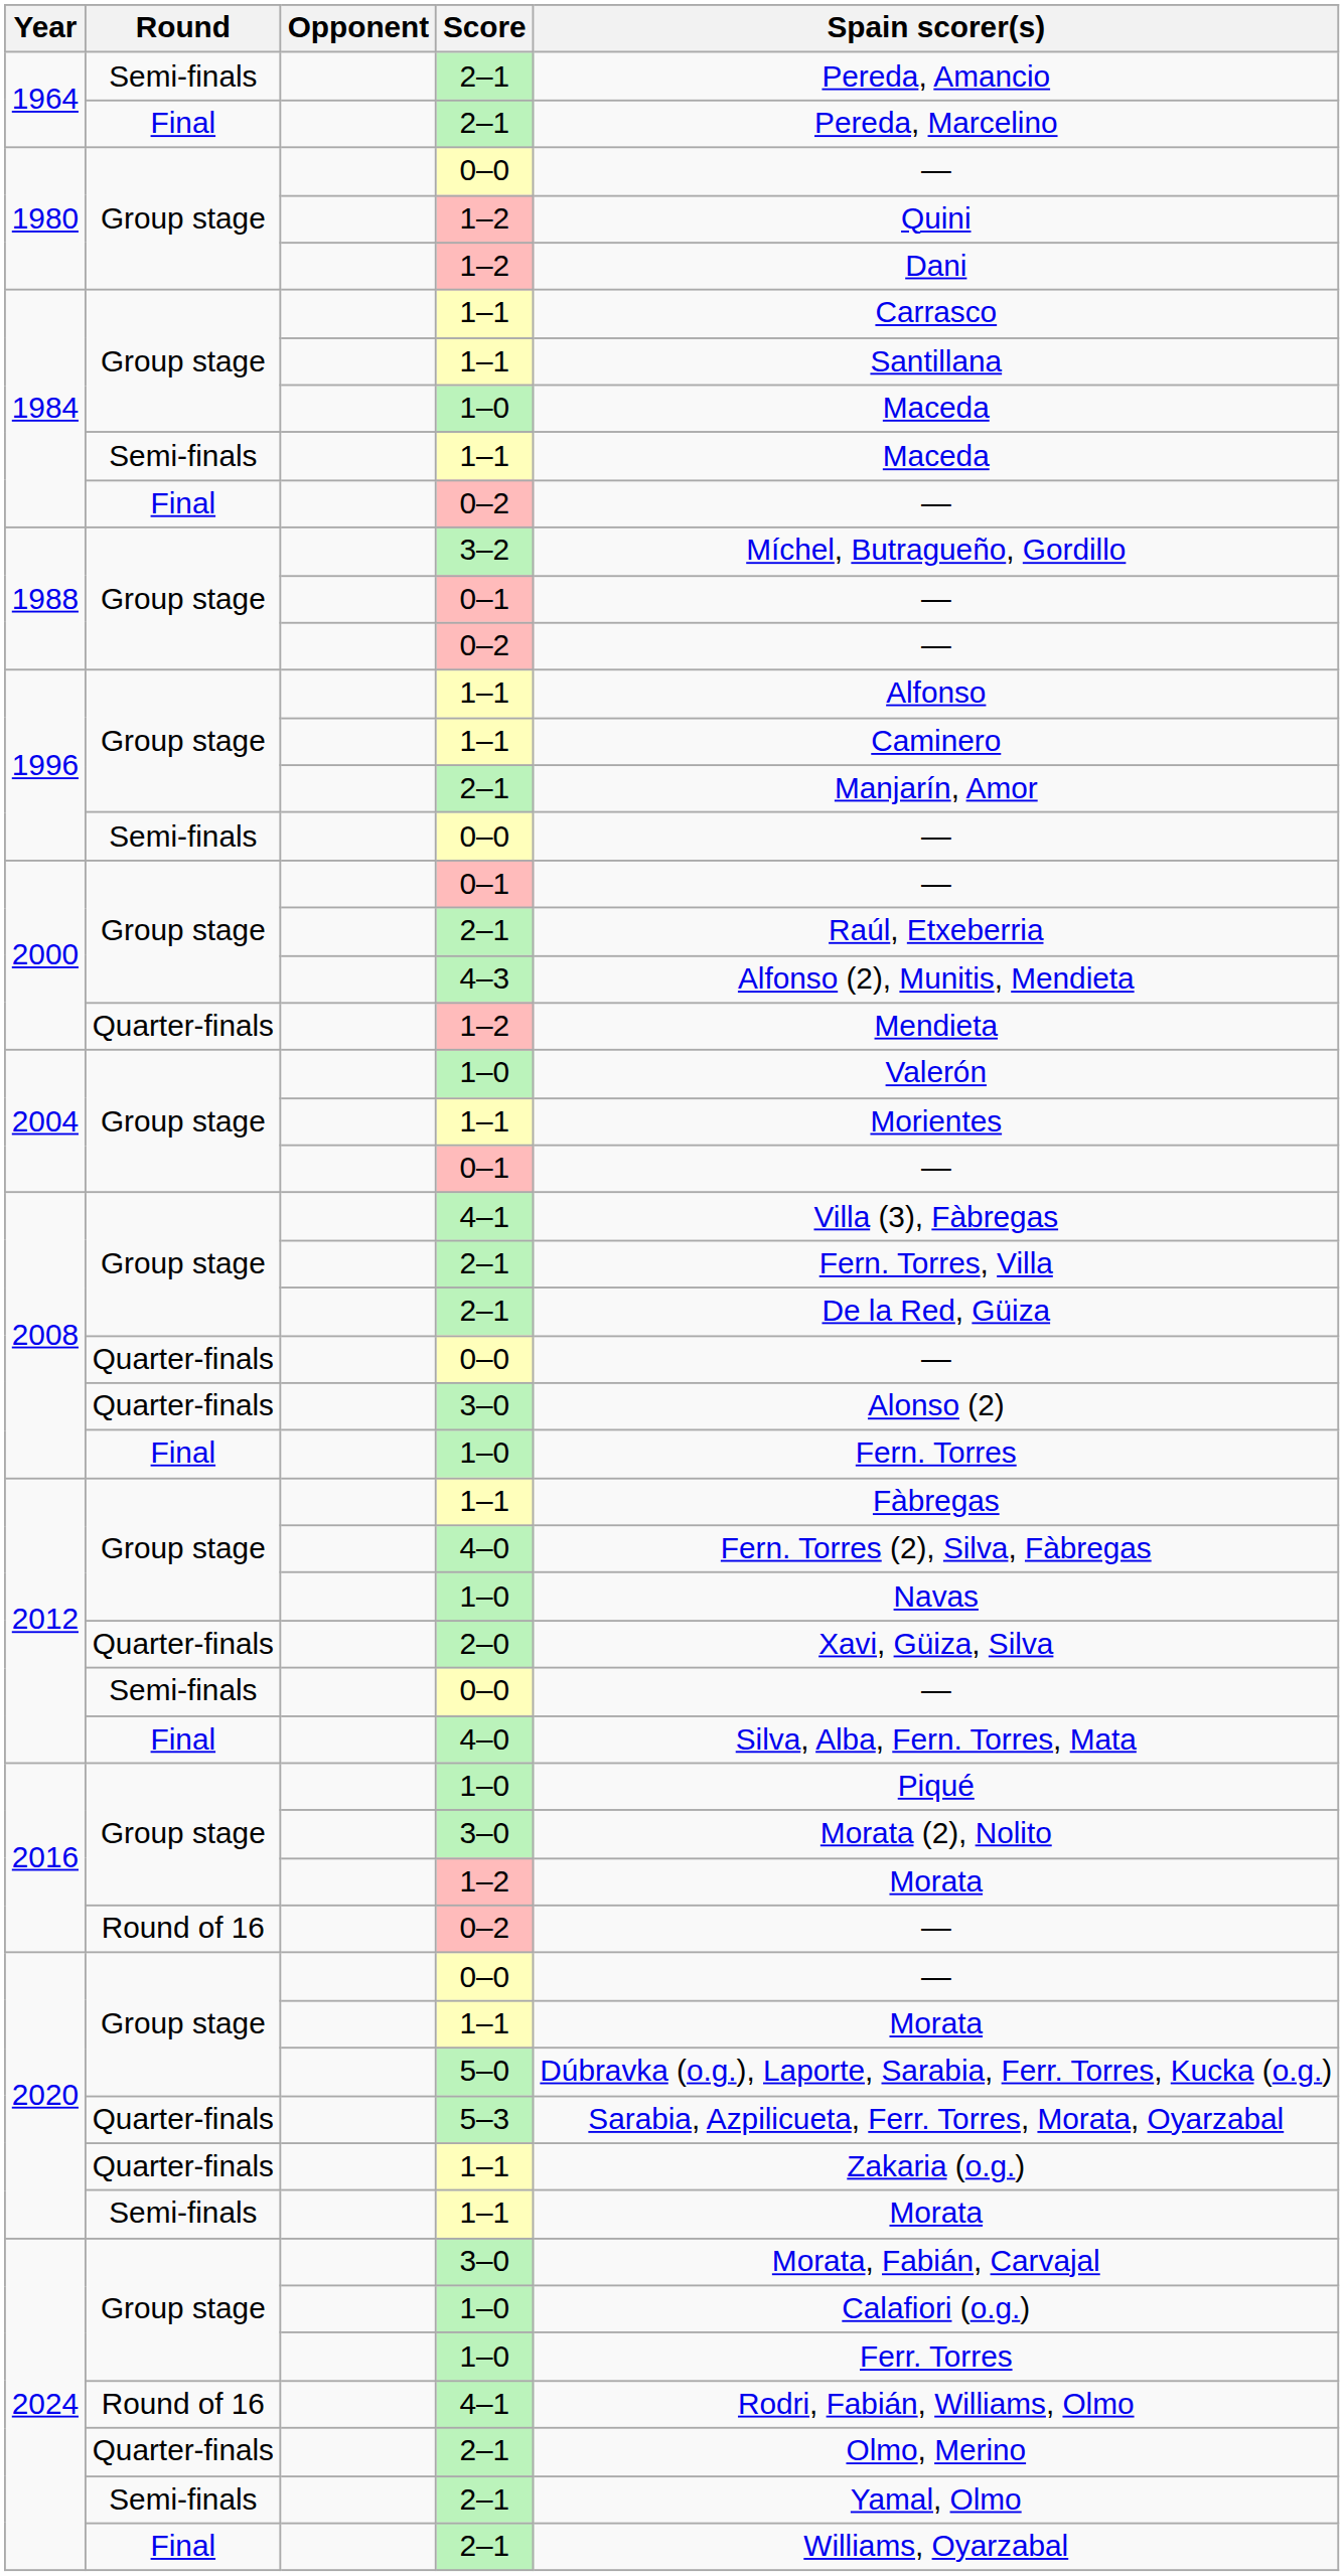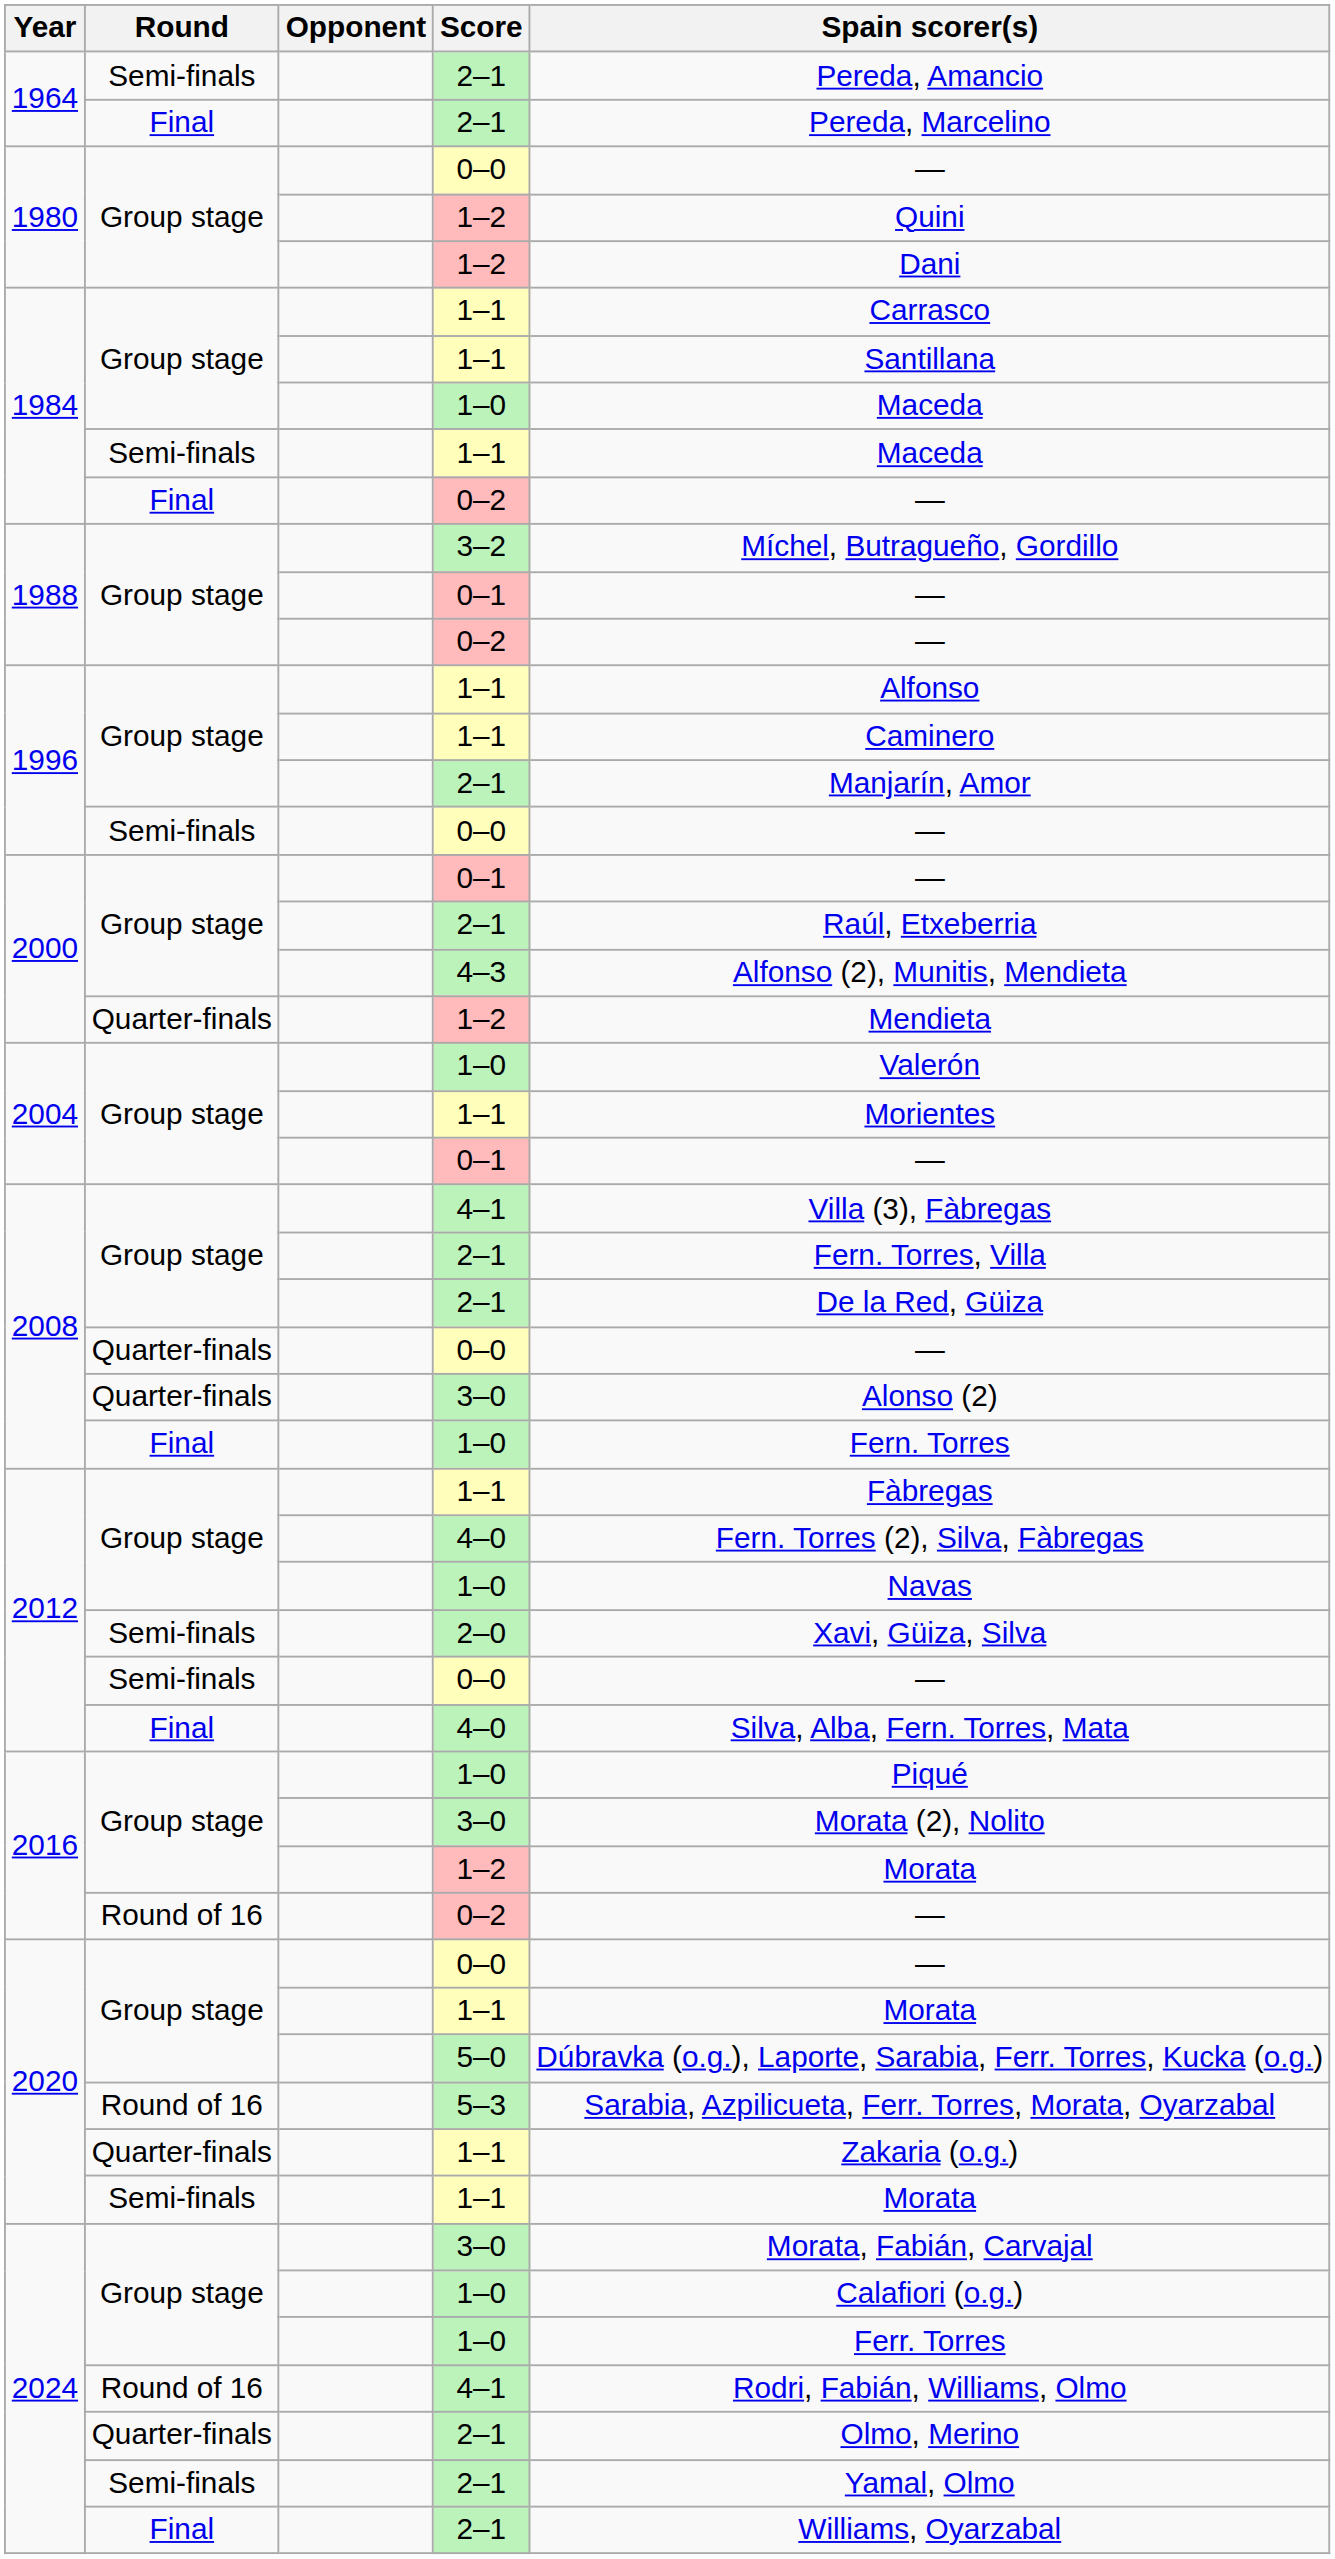 <table class="wikitable sortable collapsible collapsed" style="text-align: center; font–size: 90%;">
 <tr>
 <th>Year</th>
 <th>Round</th>
 <th>Opponent</th>
 <th>Score</th>
 <th>Spain scorer(s)</th>
 </tr>
 <tr>
 <td rowspan="2"><a href='#'>1964</a></td>
 <td>Semi-finals</td>
 <td></td>
 <td style="background: #BBF3BB;">2–1 </td>
 <td><a href='#'>Pereda</a>, <a href='#'>Amancio</a></td>
 </tr>
 <tr>
 <td><a href='#'>Final</a></td>
 <td></td>
 <td style="background: #BBF3BB;">2–1</td>
 <td><a href='#'>Pereda</a>, <a href='#'>Marcelino</a></td>
 </tr>
 <tr>
 <td rowspan="3"><a href='#'>1980</a></td>
 <td rowspan="3">Group stage</td>
 <td></td>
 <td style="background: #FFFFBB;">0–0</td>
 <td>—</td>
 </tr>
 <tr>
 <td></td>
 <td align="center" style="background: #FFBBBB;">1–2</td>
 <td><a href='#'>Quini</a></td>
 </tr>
 <tr>
 <td></td>
 <td align="center" style="background: #FFBBBB;">1–2</td>
 <td><a href='#'>Dani</a></td>
 </tr>
 <tr>
 <td rowspan="5"><a href='#'>1984</a></td>
 <td rowspan="3">Group stage</td>
 <td></td>
 <td style="background: #FFFFBB;">1–1</td>
 <td><a href='#'>Carrasco</a></td>
 </tr>
 <tr>
 <td></td>
 <td style="background: #FFFFBB;">1–1</td>
 <td><a href='#'>Santillana</a></td>
 </tr>
 <tr>
 <td></td>
 <td align="center" style="background: #BBF3BB;">1–0</td>
 <td><a href='#'>Maceda</a></td>
 </tr>
 <tr>
 <td>Semi-finals</td>
 <td></td>
 <td align="center" style="background: #FFFFBB;">1–1  </td>
 <td><a href='#'>Maceda</a></td>
 </tr>
 <tr>
 <td><a href='#'>Final</a></td>
 <td></td>
 <td style="background: #FFBBBB;">0–2</td>
 <td>—</td>
 </tr>
 <tr>
 <td rowspan="3"><a href='#'>1988</a></td>
 <td rowspan="3">Group stage</td>
 <td></td>
 <td align="center" style="background: #BBF3BB;">3–2</td>
 <td><a href='#'>Míchel</a>, <a href='#'>Butragueño</a>, <a href='#'>Gordillo</a></td>
 </tr>
 <tr>
 <td></td>
 <td style="background: #FFBBBB;">0–1</td>
 <td>—</td>
 </tr>
 <tr>
 <td></td>
 <td style="background: #FFBBBB;">0–2</td>
 <td>—</td>
 </tr>
 <tr>
 <td rowspan="4"><a href='#'>1996</a></td>
 <td rowspan="3">Group stage</td>
 <td></td>
 <td align="center" style="background: #FFFFBB;">1–1</td>
 <td><a href='#'>Alfonso</a></td>
 </tr>
 <tr>
 <td></td>
 <td style="background: #FFFFBB;">1–1</td>
 <td><a href='#'>Caminero</a></td>
 </tr>
 <tr>
 <td></td>
 <td style="background: #BBF3BB;">2–1</td>
 <td><a href='#'>Manjarín</a>, <a href='#'>Amor</a></td>
 </tr>
 <tr>
 <td>Semi-finals</td>
 <td></td>
 <td style="background: #FFFFBB;">0–0  </td>
 <td>—</td>
 </tr>
 <tr>
 <td rowspan="4"><a href='#'>2000</a></td>
 <td rowspan="3">Group stage</td>
 <td></td>
 <td align="center" style="background: #FFBBBB;">0–1</td>
 <td>—</td>
 </tr>
 <tr>
 <td></td>
 <td style="background: #BBF3BB;">2–1</td>
 <td><a href='#'>Raúl</a>, <a href='#'>Etxeberria</a></td>
 </tr>
 <tr>
 <td></td>
 <td style="background: #BBF3BB;">4–3</td>
 <td><a href='#'>Alfonso</a> (2), <a href='#'>Munitis</a>, <a href='#'>Mendieta</a></td>
 </tr>
 <tr>
 <td>Quarter-finals</td>
 <td></td>
 <td style="background: #FFBBBB;">1–2</td>
 <td><a href='#'>Mendieta</a></td>
 </tr>
 <tr>
 <td rowspan="3"><a href='#'>2004</a></td>
 <td rowspan="3">Group stage</td>
 <td></td>
 <td style="background: #BBF3BB;">1–0</td>
 <td><a href='#'>Valerón</a></td>
 </tr>
 <tr>
 <td></td>
 <td style="background: #FFFFBB;">1–1</td>
 <td><a href='#'>Morientes</a></td>
 </tr>
 <tr>
 <td></td>
 <td align="center" style="background: #FFBBBB;">0–1</td>
 <td>—</td>
 </tr>
 <tr>
 <td rowspan="6"><a href='#'>2008</a></td>
 <td rowspan="3">Group stage</td>
 <td></td>
 <td style="background: #BBF3BB;">4–1</td>
 <td><a href='#'>Villa</a> (3), <a href='#'>Fàbregas</a></td>
 </tr>
 <tr>
 <td></td>
 <td style="background: #BBF3BB;">2–1</td>
 <td><a href='#'>Fern. Torres</a>, <a href='#'>Villa</a></td>
 </tr>
 <tr>
 <td></td>
 <td style="background: #BBF3BB;">2–1</td>
 <td><a href='#'>De la Red</a>, <a href='#'>Güiza</a></td>
 </tr>
 <tr>
 <td>Quarter-finals</td>
 <td></td>
 <td style="background: #FFFFBB;">0–0  </td>
 <td>—</td>
 </tr>
 <tr>
 <td>Quarter-finals</td>
 <td></td>
 <td style="background: #BBF3BB;">3–0</td>
 <td><a href='#'>Alonso</a> (2)</td>
 </tr>
 <tr>
 <td><a href='#'>Final</a></td>
 <td></td>
 <td style="background: #BBF3BB;">1–0</td>
 <td><a href='#'>Fern. Torres</a></td>
 </tr>
 <tr>
 <td rowspan="6"><a href='#'>2012</a></td>
 <td rowspan="3">Group stage</td>
 <td></td>
 <td style="background: #FFFFBB;">1–1</td>
 <td><a href='#'>Fàbregas</a></td>
 </tr>
 <tr>
 <td></td>
 <td style="background: #BBF3BB;">4–0</td>
 <td><a href='#'>Fern. Torres</a> (2), <a href='#'>Silva</a>, <a href='#'>Fàbregas</a></td>
 </tr>
 <tr>
 <td></td>
 <td style="background: #BBF3BB;">1–0</td>
 <td><a href='#'>Navas</a></td>
 </tr>
 <tr>
-<td>Quarter-finals</td>
+<td>Semi-finals</td>
 <td></td>
 <td style="background: #BBF3BB;">2–0</td>
 <td><a href='#'>Xavi</a>, <a href='#'>Güiza</a>, <a href='#'>Silva</a></td>
 </tr>
 <tr>
 <td>Semi-finals</td>
 <td></td>
 <td style="background: #FFFFBB;">0–0  </td>
 <td>—</td>
 </tr>
 <tr>
 <td><a href='#'>Final</a></td>
 <td></td>
 <td style="background: #BBF3BB;">4–0</td>
 <td><a href='#'>Silva</a>, <a href='#'>Alba</a>, <a href='#'>Fern. Torres</a>, <a href='#'>Mata</a></td>
 </tr>
 <tr>
 <td rowspan="4"><a href='#'>2016</a></td>
 <td rowspan="3">Group stage</td>
 <td></td>
 <td style="background: #BBF3BB;">1–0</td>
 <td><a href='#'>Piqué</a></td>
 </tr>
 <tr>
 <td></td>
 <td align="center" style="background: #BBF3BB;">3–0</td>
 <td><a href='#'>Morata</a> (2), <a href='#'>Nolito</a></td>
 </tr>
 <tr>
 <td></td>
 <td style="background: #FFBBBB;">1–2</td>
 <td><a href='#'>Morata</a></td>
 </tr>
 <tr>
 <td>Round of 16</td>
 <td></td>
 <td style="background: #FFBBBB;">0–2</td>
 <td>—</td>
 </tr>
 <tr>
 <td rowspan="6"><a href='#'>2020</a></td>
 <td rowspan="3">Group stage</td>
 <td></td>
 <td style="background: #FFFFBB;">0–0</td>
 <td>—</td>
 </tr>
 <tr>
 <td></td>
 <td style="background: #FFFFBB;">1–1</td>
 <td><a href='#'>Morata</a></td>
 </tr>
 <tr>
 <td></td>
 <td align="center" style="background: #BBF3BB;">5–0</td>
 <td><a href='#'>Dúbravka</a> (<a href='#'>o.g.</a>), <a href='#'>Laporte</a>, <a href='#'>Sarabia</a>, <a href='#'>Ferr. Torres</a>, <a href='#'>Kucka</a> (<a href='#'>o.g.</a>)</td>
 </tr>
 <tr>
-<td>Quarter-finals</td>
+<td>Round of 16</td>
 <td></td>
 <td align="center" style="background: #BBF3BB;">5–3 </td>
 <td><a href='#'>Sarabia</a>, <a href='#'>Azpilicueta</a>, <a href='#'>Ferr. Torres</a>, <a href='#'>Morata</a>, <a href='#'>Oyarzabal</a></td>
 </tr>
 <tr>
 <td>Quarter-finals</td>
 <td></td>
 <td align="center" style="background: #FFFFBB;">1–1  </td>
 <td><a href='#'>Zakaria</a> (<a href='#'>o.g.</a>)</td>
 </tr>
 <tr>
 <td>Semi-finals</td>
 <td></td>
 <td align="center" style="background: #FFFFBB;">1–1  </td>
 <td><a href='#'>Morata</a></td>
 </tr>
 <tr>
 <td rowspan="7"><a href='#'>2024</a></td>
 <td rowspan="3">Group stage</td>
 <td></td>
 <td style="background: #BBF3BB;">3–0</td>
 <td><a href='#'>Morata</a>, <a href='#'>Fabián</a>, <a href='#'>Carvajal</a></td>
 </tr>
 <tr>
 <td></td>
 <td style="background: #BBF3BB;">1–0</td>
 <td><a href='#'>Calafiori</a> (<a href='#'>o.g.</a>)</td>
 </tr>
 <tr>
 <td></td>
 <td style="background: #BBF3BB;">1–0</td>
 <td><a href='#'>Ferr. Torres</a></td>
 </tr>
 <tr>
 <td>Round of 16</td>
 <td></td>
 <td style="background: #BBF3BB;">4–1</td>
 <td><a href='#'>Rodri</a>, <a href='#'>Fabián</a>, <a href='#'>Williams</a>, <a href='#'>Olmo</a></td>
 </tr>
 <tr>
 <td>Quarter-finals</td>
 <td></td>
 <td style="background: #BBF3BB;">2–1 </td>
 <td><a href='#'>Olmo</a>, <a href='#'>Merino</a></td>
 </tr>
 <tr>
 <td>Semi-finals</td>
 <td></td>
 <td style="background: #BBF3BB;">2–1</td>
 <td><a href='#'>Yamal</a>, <a href='#'>Olmo</a></td>
 </tr>
 <tr>
 <td><a href='#'>Final</a></td>
 <td></td>
 <td style="background: #BBF3BB;">2–1</td>
 <td><a href='#'>Williams</a>, <a href='#'>Oyarzabal</a></td>
 </tr>
 </table>
